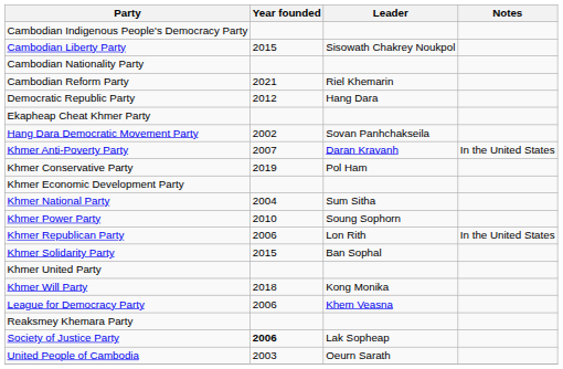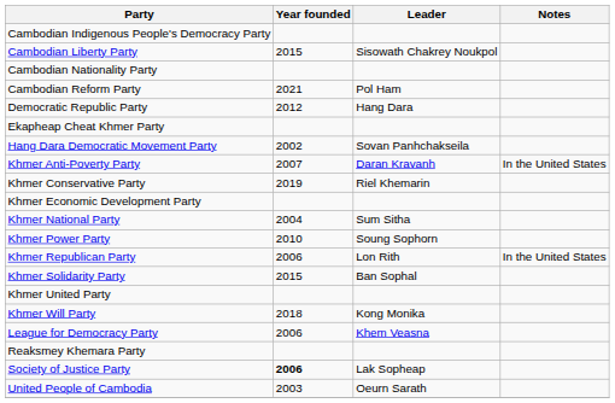 <table class="wikitable sortable" style="font-size:100%;">
 <tr>
 <th>Party</th>
 <th>Year founded</th>
 <th>Leader</th>
 <th>Notes</th>
 </tr>
 <tr>
 <td>Cambodian Indigenous People's Democracy Party<br></td>
 <td></td>
 <td></td>
 <td></td>
 </tr>
 <tr>
 <td><a href='#'>Cambodian Liberty Party</a><br></td>
 <td>2015</td>
 <td>Sisowath Chakrey Noukpol</td>
 <td></td>
 </tr>
 <tr>
 <td>Cambodian Nationality Party<br></td>
 <td></td>
 <td></td>
 <td></td>
 </tr>
 <tr>
 <td>Cambodian Reform Party<br></td>
 <td>2021</td>
-<td>Riel Khemarin</td>
+<td>Pol Ham</td>
 <td></td>
 </tr>
 <tr>
 <td>Democratic Republic Party<br></td>
 <td>2012</td>
 <td>Hang Dara</td>
 <td></td>
 </tr>
 <tr>
 <td>Ekapheap Cheat Khmer Party<br></td>
 <td></td>
 <td></td>
 <td></td>
 </tr>
 <tr>
 <td><a href='#'>Hang Dara Democratic Movement Party</a><br></td>
 <td>2002</td>
 <td>Sovan Panhchakseila</td>
 <td></td>
 </tr>
 <tr>
 <td><a href='#'>Khmer Anti-Poverty Party</a><br></td>
 <td>2007</td>
 <td><a href='#'>Daran Kravanh</a></td>
 <td>In the United States</td>
 </tr>
 <tr>
 <td>Khmer Conservative Party<br></td>
 <td>2019</td>
-<td>Pol Ham</td>
+<td>Riel Khemarin</td>
 <td></td>
 </tr>
 <tr>
 <td>Khmer Economic Development Party<br></td>
 <td></td>
 <td></td>
 <td></td>
 </tr>
 <tr>
 <td><a href='#'>Khmer National Party</a><br></td>
 <td>2004</td>
 <td>Sum Sitha</td>
 <td></td>
 </tr>
 <tr>
 <td><a href='#'>Khmer Power Party</a><br></td>
 <td>2010</td>
 <td>Soung Sophorn</td>
 <td></td>
 </tr>
 <tr>
 <td><a href='#'>Khmer Republican Party</a><br></td>
 <td>2006</td>
 <td>Lon Rith</td>
 <td>In the United States</td>
 </tr>
 <tr>
 <td><a href='#'>Khmer Solidarity Party</a><br></td>
 <td>2015</td>
 <td>Ban Sophal</td>
 <td></td>
 </tr>
 <tr>
 <td>Khmer United Party<br></td>
 <td></td>
 <td></td>
 <td></td>
 </tr>
 <tr>
 <td><a href='#'>Khmer Will Party</a><br></td>
 <td>2018</td>
 <td>Kong Monika</td>
 <td></td>
 </tr>
 <tr>
 <td><a href='#'>League for Democracy Party</a><br></td>
 <td>2006</td>
 <td><a href='#'>Khem Veasna</a></td>
 <td></td>
 </tr>
 <tr>
 <td>Reaksmey Khemara Party<br></td>
 <td></td>
 <td></td>
 <td></td>
 </tr>
 <tr>
 <td><a href='#'>Society of Justice Party</a><br></td>
 <td><strong>2006</strong></td>
 <td>Lak Sopheap</td>
 <td></td>
 </tr>
 <tr>
 <td><a href='#'>United People of Cambodia</a><br></td>
 <td>2003</td>
 <td>Oeurn Sarath</td>
 <td></td>
 </tr>
 <tr>
 </tr>
 </table>
